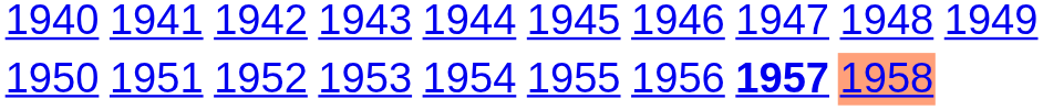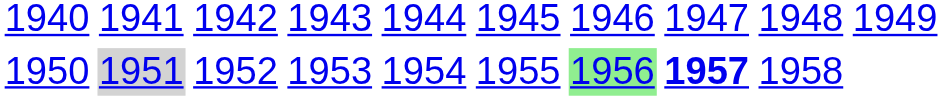 <table>
 <tr>
 <td></td>
 <td><a href='#'>1940</a></td>
 <td><a href='#'>1941</a></td>
 <td><a href='#'>1942</a></td>
 <td><a href='#'>1943</a></td>
 <td><a href='#'>1944</a></td>
 <td><a href='#'>1945</a></td>
 <td><a href='#'>1946</a></td>
 <td><a href='#'>1947</a></td>
 <td><a href='#'>1948</a></td>
 <td><a href='#'>1949</a></td>
 </tr>
 <tr>
 <td></td>
 <td><a href='#'>1950</a></td>
-<td><a href='#'>1951</a></td>
+<td style="background: lightgrey;"><a href='#'>1951</a></td>
 <td><a href='#'>1952</a></td>
 <td><a href='#'>1953</a></td>
 <td><a href='#'>1954</a></td>
 <td><a href='#'>1955</a></td>
-<td><a href='#'>1956</a></td>
+<td style="background: lightgreen;"><a href='#'>1956</a></td>
 <td><strong><a href='#'>1957</a></strong></td>
-<td style="background: lightsalmon;"><a href='#'>1958</a></td>
+<td><a href='#'>1958</a></td>
 <td></td>
 </tr>
 <tr>
 </tr>
 </table>
